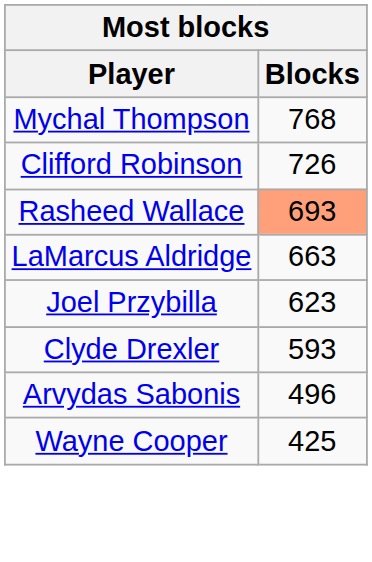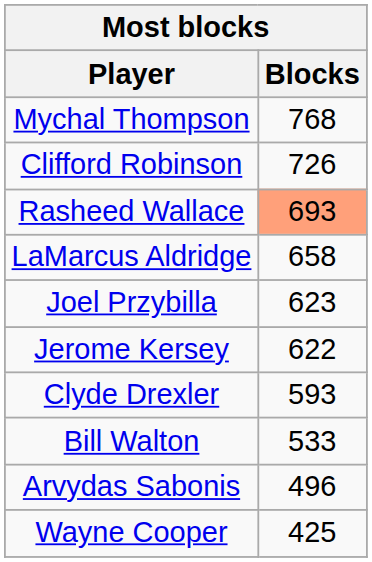 <table class="wikitable sortable" style="text-align:center">
 <tr>
 <th colspan="2" style="text-align:center; ">Most blocks</th>
 </tr>
 <tr>
 <th style="text-align:center; ">Player</th>
 <th style="text-align:center; ">Blocks</th>
 </tr>
 <tr>
 <td><a href='#'>Mychal Thompson</a></td>
 <td>768</td>
 </tr>
 <tr>
 <td><a href='#'>Clifford Robinson</a></td>
 <td>726</td>
 </tr>
 <tr>
 <td><a href='#'>Rasheed Wallace</a></td>
 <td style="background: lightsalmon;">693</td>
 </tr>
 <tr>
 <td><a href='#'>LaMarcus Aldridge</a></td>
-<td>663</td>
+<td>658</td>
 </tr>
 <tr>
 <td><a href='#'>Joel Przybilla</a></td>
 <td>623</td>
 </tr>
 <tr>
+<td><a href='#'>Jerome Kersey</a></td>
+<td>622</td>
+</tr>
+<tr>
 <td><a href='#'>Clyde Drexler</a></td>
 <td>593</td>
+</tr>
+<tr>
+<td><a href='#'>Bill Walton</a></td>
+<td>533</td>
 </tr>
 <tr>
 <td><a href='#'>Arvydas Sabonis</a></td>
 <td>496</td>
 </tr>
 <tr>
 <td><a href='#'>Wayne Cooper</a></td>
 <td>425</td>
 </tr>
 </table>
